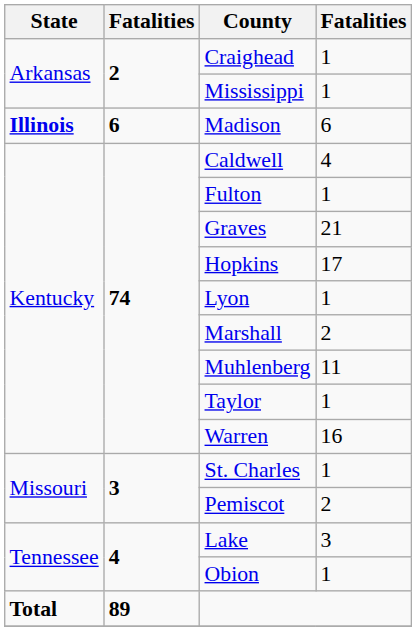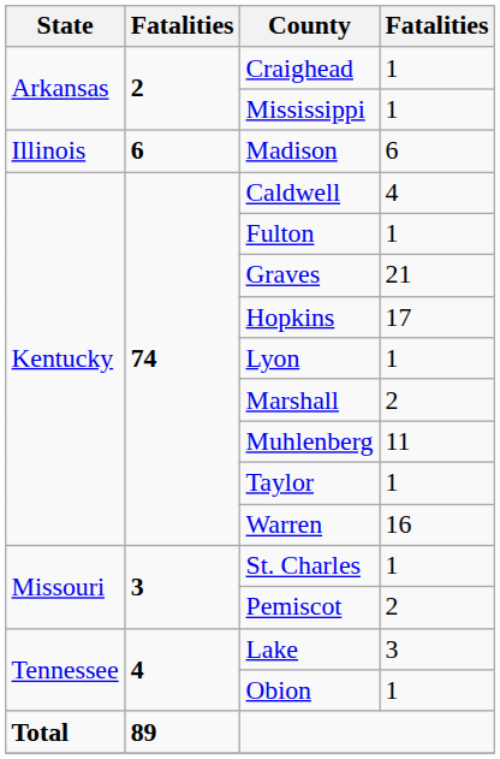 <table class="wikitable" style="margin:0 0 0.5em 1em;float:right;">
 <tr>
 <th scope="col">State</th>
 <th scope="col">Fatalities</th>
 <th scope="col">County</th>
 <th scope="col">Fatalities</th>
 </tr>
 <tr>
 <td rowspan="2"><a href='#'>Arkansas</a></td>
 <td rowspan="2"><strong>2</strong></td>
 <td><a href='#'>Craighead</a></td>
 <td>1</td>
 </tr>
 <tr>
 <td><a href='#'>Mississippi</a></td>
 <td>1</td>
 </tr>
 <tr>
-<td rowspan="1"><strong><a href='#'>Illinois</a></strong></td>
+<td rowspan="1"><a href='#'>Illinois</a></td>
 <td rowspan="1"><strong>6</strong></td>
 <td><a href='#'>Madison</a></td>
 <td>6</td>
 </tr>
 <tr>
 <td rowspan="9"><a href='#'>Kentucky</a></td>
 <td rowspan="9"><strong>74</strong></td>
 <td><a href='#'>Caldwell</a></td>
 <td>4</td>
 </tr>
 <tr>
 <td><a href='#'>Fulton</a></td>
 <td>1</td>
 </tr>
 <tr>
 <td><a href='#'>Graves</a></td>
 <td>21</td>
 </tr>
 <tr>
 <td><a href='#'>Hopkins</a></td>
 <td>17</td>
 </tr>
 <tr>
 <td><a href='#'>Lyon</a></td>
 <td>1</td>
 </tr>
 <tr>
 <td><a href='#'>Marshall</a></td>
 <td>2</td>
 </tr>
 <tr>
 <td><a href='#'>Muhlenberg</a></td>
 <td>11</td>
 </tr>
 <tr>
 <td><a href='#'>Taylor</a></td>
 <td>1</td>
 </tr>
 <tr>
 <td><a href='#'>Warren</a></td>
 <td>16</td>
 </tr>
 <tr>
 <td rowspan="2"><a href='#'>Missouri</a></td>
 <td rowspan="2"><strong>3</strong></td>
 <td><a href='#'>St. Charles</a></td>
 <td>1</td>
 </tr>
 <tr>
 <td><a href='#'>Pemiscot</a></td>
 <td>2</td>
 </tr>
 <tr>
 <td rowspan="2"><a href='#'>Tennessee</a></td>
 <td rowspan="2"><strong>4</strong></td>
 <td><a href='#'>Lake</a></td>
 <td>3</td>
 </tr>
 <tr>
 <td><a href='#'>Obion</a></td>
 <td>1</td>
 </tr>
 <tr>
 <td><strong>Total</strong></td>
 <td><strong>89</strong></td>
 <td colspan="2"></td>
 </tr>
 <tr>
 </tr>
 </table>
